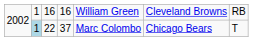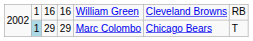 <table class="wikitable sortable">
 <tr>
 <td rowspan="2">2002</td>
 <td>1</td>
 <td>16</td>
 <td>16</td>
 <td><a href='#'>William Green</a></td>
 <td><a href='#'>Cleveland Browns</a></td>
 <td>RB</td>
 </tr>
 <tr>
 <td style="background: lightblue;">1</td>
-<td>22</td>
-<td>37</td>
+<td>29</td>
+<td>29</td>
 <td><a href='#'>Marc Colombo</a></td>
 <td><a href='#'>Chicago Bears</a></td>
 <td>T</td>
 </tr>
 </table>
